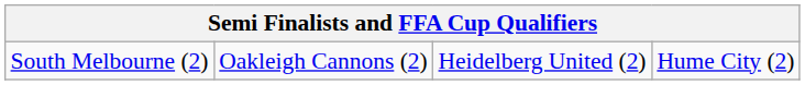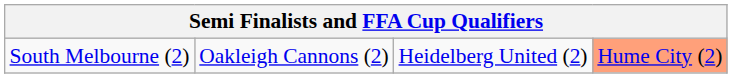 <table class="wikitable" style="text-align:center">
 <tr>
 <th colspan=4>Semi Finalists and <a href='#'>FFA Cup Qualifiers</a></th>
 </tr>
 <tr>
 <td><a href='#'>South Melbourne</a> (<a href='#'>2</a>)</td>
 <td><a href='#'>Oakleigh Cannons</a> (<a href='#'>2</a>)</td>
 <td><a href='#'>Heidelberg United</a> (<a href='#'>2</a>)</td>
-<td><a href='#'>Hume City</a> (<a href='#'>2</a>)</td>
+<td style="background: lightsalmon;"><a href='#'>Hume City</a> (<a href='#'>2</a>)</td>
 </tr>
 </table>
